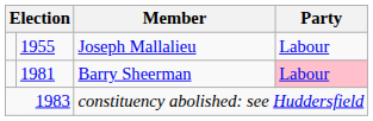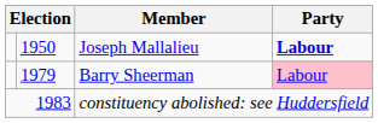 <table class="wikitable">
 <tr>
 <th colspan="2">Election</th>
 <th>Member</th>
 <th>Party</th>
 </tr>
 <tr>
 <td style="color:inherit;background-color: "></td>
-<td><a href='#'>1955</a></td>
+<td><a href='#'>1950</a></td>
 <td><a href='#'>Joseph Mallalieu</a></td>
-<td><a href='#'>Labour</a></td>
+<td><strong><a href='#'>Labour</a></strong></td>
 </tr>
 <tr>
 <td style="color:inherit;background-color: "></td>
-<td><a href='#'>1981</a></td>
+<td><a href='#'>1979</a></td>
 <td><a href='#'>Barry Sheerman</a></td>
 <td style="background: pink;"><a href='#'>Labour</a></td>
 </tr>
 <tr>
 <td colspan="2" align="right"><a href='#'>1983</a></td>
 <td colspan="2"><em>constituency abolished: see <a href='#'>Huddersfield</a></em></td>
 </tr>
 </table>
